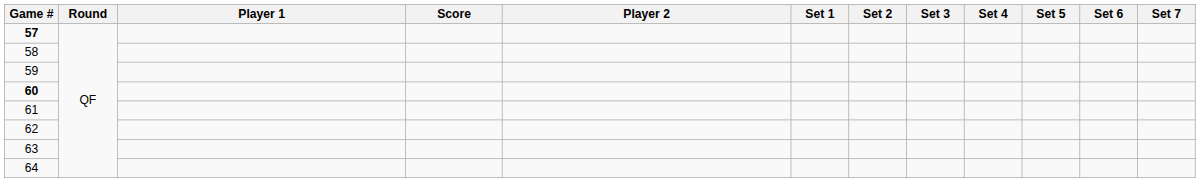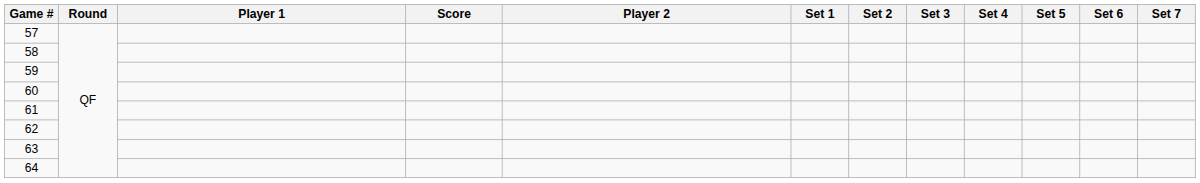 <table class="wikitable">
 <tr>
 <th width="2%">Game #</th>
 <th width="2%">Round</th>
 <th width="15%">Player 1</th>
 <th width="5%">Score</th>
 <th width="15%">Player 2</th>
 <th width="3%">Set 1</th>
 <th width="3%">Set 2</th>
 <th width="3%">Set 3</th>
 <th width="3%">Set 4</th>
 <th width="3%">Set 5</th>
 <th width="3%">Set 6</th>
 <th width="3%">Set 7</th>
 </tr>
 <tr style=text-align:center;>
-<td><strong>57</strong></td>
+<td>57</td>
 <td rowspan=8>QF</td>
 <td></td>
 <td></td>
 <td></td>
 <td></td>
 <td></td>
 <td></td>
 <td></td>
 <td></td>
 <td></td>
 <td></td>
 </tr>
 <tr style=text-align:center;>
 <td>58</td>
 <td></td>
 <td></td>
 <td></td>
 <td></td>
 <td></td>
 <td></td>
 <td></td>
 <td></td>
 <td></td>
 <td></td>
 </tr>
 <tr style=text-align:center;>
 <td>59</td>
 <td></td>
 <td></td>
 <td></td>
 <td></td>
 <td></td>
 <td></td>
 <td></td>
 <td></td>
 <td></td>
 <td></td>
 </tr>
 <tr style=text-align:center;>
-<td><strong>60</strong></td>
+<td>60</td>
 <td></td>
 <td></td>
 <td></td>
 <td></td>
 <td></td>
 <td></td>
 <td></td>
 <td></td>
 <td></td>
 <td></td>
 </tr>
 <tr style=text-align:center;>
 <td>61</td>
 <td></td>
 <td></td>
 <td></td>
 <td></td>
 <td></td>
 <td></td>
 <td></td>
 <td></td>
 <td></td>
 <td></td>
 </tr>
 <tr style=text-align:center;>
 <td>62</td>
 <td></td>
 <td></td>
 <td></td>
 <td></td>
 <td></td>
 <td></td>
 <td></td>
 <td></td>
 <td></td>
 <td></td>
 </tr>
 <tr style=text-align:center;>
 <td>63</td>
 <td></td>
 <td></td>
 <td></td>
 <td></td>
 <td></td>
 <td></td>
 <td></td>
 <td></td>
 <td></td>
 <td></td>
 </tr>
 <tr style=text-align:center;>
 <td>64</td>
 <td></td>
 <td></td>
 <td></td>
 <td></td>
 <td></td>
 <td></td>
 <td></td>
 <td></td>
 <td></td>
 <td></td>
 </tr>
 </table>
